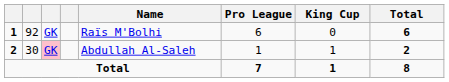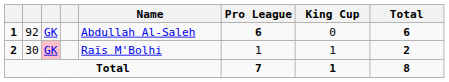 <table class="wikitable" style="text-align:center">
 <tr>
 <th width=15></th>
 <th width=15></th>
 <th width=15></th>
 <th width=15></th>
 <th width=160>Name</th>
 <th width=80>Pro League</th>
 <th width=80>King Cup</th>
 <th width=80>Total</th>
 </tr>
 <tr>
 <td><strong>1</strong></td>
 <td>92</td>
 <td><a href='#'>GK</a></td>
 <td></td>
-<td align=left><a href='#'>Raïs M'Bolhi</a></td>
-<td>6</td>
+<td align=left><a href='#'>Abdullah Al-Saleh</a></td>
+<td><strong>6</strong></td>
 <td>0</td>
 <td><strong>6</strong></td>
 </tr>
 <tr>
 <td><strong>2</strong></td>
 <td>30</td>
 <td style="background: pink;"><a href='#'>GK</a></td>
 <td></td>
-<td align=left><a href='#'>Abdullah Al-Saleh</a></td>
+<td align=left><a href='#'>Raïs M'Bolhi</a></td>
 <td>1</td>
 <td>1</td>
 <td><strong>2</strong></td>
 </tr>
 <tr>
 <td colspan=5><strong>Total</strong></td>
 <td><strong>7</strong></td>
 <td><strong>1</strong></td>
 <td><strong>8</strong></td>
 </tr>
 </table>
